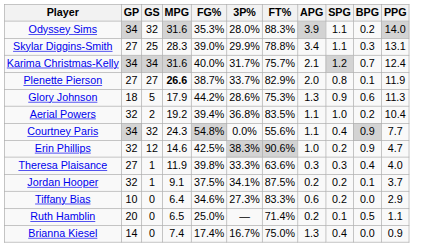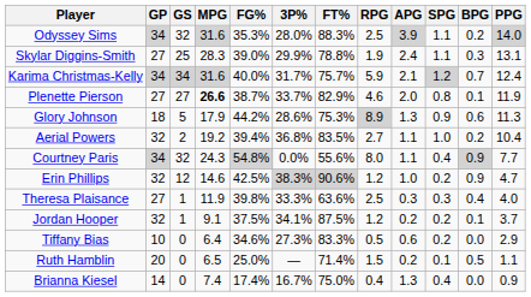 <table class="wikitable sortable" style="text-align:center;">
 <tr>
 <th>Player</th>
 <th>GP</th>
 <th>GS</th>
 <th>MPG</th>
 <th>FG%</th>
 <th>3P%</th>
 <th>FT%</th>
+<th>RPG</th>
 <th>APG</th>
 <th>SPG</th>
 <th>BPG</th>
 <th>PPG</th>
 </tr>
 <tr>
 <td><a href='#'>Odyssey Sims</a></td>
 <td style="background:#D3D3D3;">34</td>
 <td>32</td>
 <td style="background:#D3D3D3;">31.6</td>
 <td>35.3%</td>
 <td>28.0%</td>
 <td>88.3%</td>
+<td>2.5</td>
 <td style="background:#D3D3D3;">3.9</td>
 <td>1.1</td>
 <td>0.2</td>
 <td style="background:#D3D3D3;">14.0</td>
 </tr>
 <tr>
 <td><a href='#'>Skylar Diggins-Smith</a></td>
 <td>27</td>
 <td>25</td>
 <td>28.3</td>
 <td>39.0%</td>
 <td>29.9%</td>
 <td>78.8%</td>
-<td>3.4</td>
+<td>1.9</td>
+<td>2.4</td>
 <td>1.1</td>
 <td>0.3</td>
 <td>13.1</td>
 </tr>
 <tr>
 <td><a href='#'>Karima Christmas-Kelly</a></td>
 <td style="background:#D3D3D3;">34</td>
 <td style="background:#D3D3D3;">34</td>
 <td style="background:#D3D3D3;">31.6</td>
 <td>40.0%</td>
 <td>31.7%</td>
 <td>75.7%</td>
+<td>5.9</td>
 <td>2.1</td>
 <td style="background:#D3D3D3;">1.2</td>
 <td>0.7</td>
 <td>12.4</td>
 </tr>
 <tr>
 <td><a href='#'>Plenette Pierson</a></td>
 <td>27</td>
 <td>27</td>
 <td><strong>26.6</strong></td>
 <td>38.7%</td>
 <td>33.7%</td>
 <td>82.9%</td>
+<td>4.6</td>
 <td>2.0</td>
 <td>0.8</td>
 <td>0.1</td>
 <td>11.9</td>
 </tr>
 <tr>
 <td><a href='#'>Glory Johnson</a></td>
 <td>18</td>
 <td>5</td>
 <td>17.9</td>
 <td>44.2%</td>
 <td>28.6%</td>
 <td>75.3%</td>
+<td style="background:#D3D3D3;">8.9</td>
 <td>1.3</td>
 <td>0.9</td>
 <td>0.6</td>
 <td>11.3</td>
 </tr>
 <tr>
 <td><a href='#'>Aerial Powers</a></td>
 <td>32</td>
 <td>2</td>
 <td>19.2</td>
 <td>39.4%</td>
 <td>36.8%</td>
 <td>83.5%</td>
+<td>2.7</td>
 <td>1.1</td>
 <td>1.0</td>
 <td>0.2</td>
 <td>10.4</td>
 </tr>
 <tr>
 <td><a href='#'>Courtney Paris</a></td>
 <td style="background:#D3D3D3;">34</td>
 <td>32</td>
 <td>24.3</td>
 <td style="background:#D3D3D3;">54.8%</td>
 <td>0.0%</td>
 <td>55.6%</td>
+<td>8.0</td>
 <td>1.1</td>
 <td>0.4</td>
 <td style="background:#D3D3D3;">0.9</td>
 <td>7.7</td>
 </tr>
 <tr>
 <td><a href='#'>Erin Phillips</a></td>
 <td>32</td>
 <td>12</td>
 <td>14.6</td>
 <td>42.5%</td>
 <td style="background:#D3D3D3;">38.3%</td>
 <td style="background:#D3D3D3;">90.6%</td>
+<td>1.2</td>
 <td>1.0</td>
 <td>0.2</td>
 <td>0.9</td>
 <td>4.7</td>
 </tr>
 <tr>
 <td><a href='#'>Theresa Plaisance</a></td>
 <td>27</td>
 <td>1</td>
 <td>11.9</td>
 <td>39.8%</td>
 <td>33.3%</td>
 <td>63.6%</td>
+<td>2.5</td>
 <td>0.3</td>
 <td>0.3</td>
 <td>0.4</td>
 <td>4.0</td>
 </tr>
 <tr>
 <td><a href='#'>Jordan Hooper</a></td>
 <td>32</td>
 <td>1</td>
 <td>9.1</td>
 <td>37.5%</td>
 <td>34.1%</td>
 <td>87.5%</td>
+<td>1.2</td>
 <td>0.2</td>
 <td>0.2</td>
 <td>0.1</td>
 <td>3.7</td>
 </tr>
 <tr>
 <td><a href='#'>Tiffany Bias</a></td>
 <td>10</td>
 <td>0</td>
 <td>6.4</td>
 <td>34.6%</td>
 <td>27.3%</td>
 <td>83.3%</td>
+<td>0.5</td>
 <td>0.6</td>
 <td>0.2</td>
 <td>0.0</td>
 <td>2.9</td>
 </tr>
 <tr>
 <td><a href='#'>Ruth Hamblin</a></td>
 <td>20</td>
 <td>0</td>
 <td>6.5</td>
 <td>25.0%</td>
 <td>—</td>
 <td>71.4%</td>
+<td>1.5</td>
 <td>0.2</td>
 <td>0.1</td>
 <td>0.5</td>
 <td>1.1</td>
 </tr>
 <tr>
 <td><a href='#'>Brianna Kiesel</a></td>
 <td>14</td>
 <td>0</td>
 <td>7.4</td>
 <td>17.4%</td>
 <td>16.7%</td>
 <td>75.0%</td>
+<td>0.4</td>
 <td>1.3</td>
 <td>0.4</td>
 <td>0.0</td>
 <td>0.9</td>
 </tr>
 </table>
